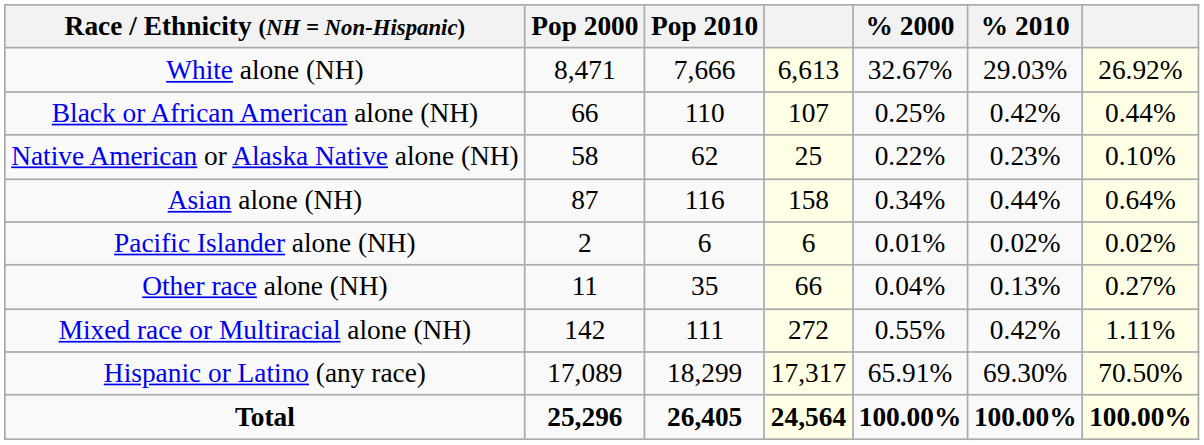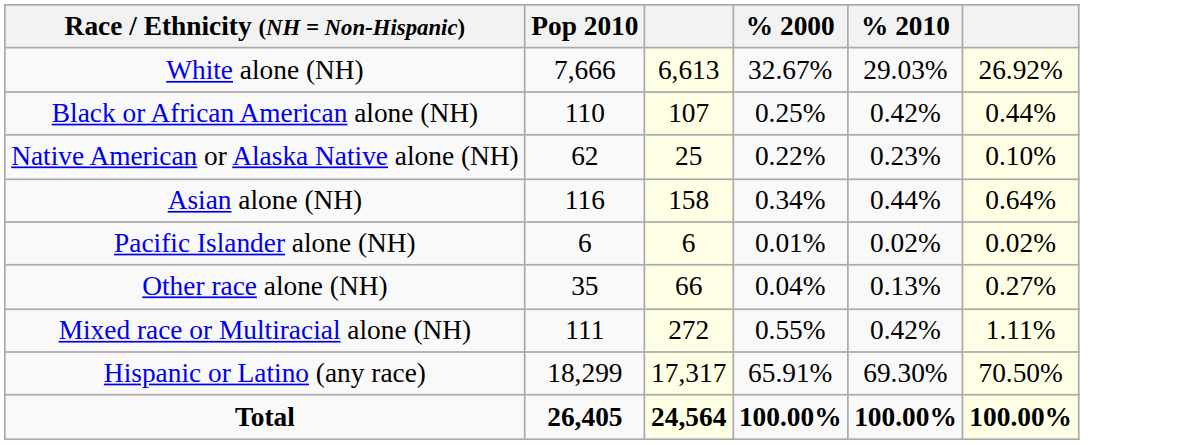 <table class="wikitable" style="text-align:center;">
 <tr>
 <th>Race / Ethnicity <small>(<em>NH = Non-Hispanic</em>)</small></th>
-<th>Pop 2000</th>
 <th>Pop 2010</th>
 <th></th>
 <th>% 2000</th>
 <th>% 2010</th>
 <th></th>
 </tr>
 <tr>
 <td><a href='#'>White</a> alone (NH)</td>
-<td>8,471</td>
 <td>7,666</td>
 <td style='background: #ffffe6;'>6,613</td>
 <td>32.67%</td>
 <td>29.03%</td>
 <td style='background: #ffffe6;'>26.92%</td>
 </tr>
 <tr>
 <td><a href='#'>Black or African American</a> alone (NH)</td>
-<td>66</td>
 <td>110</td>
 <td style='background: #ffffe6;'>107</td>
 <td>0.25%</td>
 <td>0.42%</td>
 <td style='background: #ffffe6;'>0.44%</td>
 </tr>
 <tr>
 <td><a href='#'>Native American</a> or <a href='#'>Alaska Native</a> alone (NH)</td>
-<td>58</td>
 <td>62</td>
 <td style='background: #ffffe6;'>25</td>
 <td>0.22%</td>
 <td>0.23%</td>
 <td style='background: #ffffe6;'>0.10%</td>
 </tr>
 <tr>
 <td><a href='#'>Asian</a> alone (NH)</td>
-<td>87</td>
 <td>116</td>
 <td style='background: #ffffe6;'>158</td>
 <td>0.34%</td>
 <td>0.44%</td>
 <td style='background: #ffffe6;'>0.64%</td>
 </tr>
 <tr>
 <td><a href='#'>Pacific Islander</a> alone (NH)</td>
-<td>2</td>
 <td>6</td>
 <td style='background: #ffffe6;'>6</td>
 <td>0.01%</td>
 <td>0.02%</td>
 <td style='background: #ffffe6;'>0.02%</td>
 </tr>
 <tr>
 <td><a href='#'>Other race</a> alone (NH)</td>
-<td>11</td>
 <td>35</td>
 <td style='background: #ffffe6;'>66</td>
 <td>0.04%</td>
 <td>0.13%</td>
 <td style='background: #ffffe6;'>0.27%</td>
 </tr>
 <tr>
 <td><a href='#'>Mixed race or Multiracial</a> alone (NH)</td>
-<td>142</td>
 <td>111</td>
 <td style='background: #ffffe6;'>272</td>
 <td>0.55%</td>
 <td>0.42%</td>
 <td style='background: #ffffe6;'>1.11%</td>
 </tr>
 <tr>
 <td><a href='#'>Hispanic or Latino</a> (any race)</td>
-<td>17,089</td>
 <td>18,299</td>
 <td style='background: #ffffe6;'>17,317</td>
 <td>65.91%</td>
 <td>69.30%</td>
 <td style='background: #ffffe6;'>70.50%</td>
 </tr>
 <tr>
 <td><strong>Total</strong></td>
-<td><strong>25,296</strong></td>
 <td><strong>26,405</strong></td>
 <td style='background: #ffffe6;'><strong>24,564</strong></td>
 <td><strong>100.00%</strong></td>
 <td><strong>100.00%</strong></td>
 <td style='background: #ffffe6;'><strong>100.00%</strong></td>
 </tr>
 </table>
